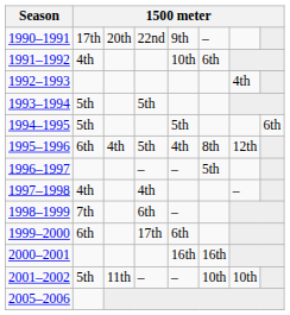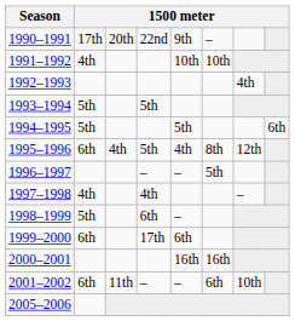 <table class="wikitable" style="display: inline-table">
 <tr>
 <th>Season</th>
 <th colspan="7">1500 meter</th>
 </tr>
 <tr>
 <td><a href='#'>1990–1991</a></td>
 <td>17th</td>
 <td>20th</td>
 <td>22nd</td>
 <td>9th</td>
 <td>–</td>
 <td></td>
 <td colspan="1" bgcolor=#EEEEEE></td>
 </tr>
 <tr>
 <td><a href='#'>1991–1992</a></td>
 <td>4th</td>
 <td></td>
 <td></td>
 <td>10th</td>
-<td>6th</td>
+<td>10th</td>
 <td colspan="2" bgcolor=#EEEEEE></td>
 </tr>
 <tr>
 <td><a href='#'>1992–1993</a></td>
 <td></td>
 <td></td>
 <td></td>
 <td></td>
 <td></td>
 <td>4th</td>
 <td colspan="1" bgcolor=#EEEEEE></td>
 </tr>
 <tr>
 <td><a href='#'>1993–1994</a></td>
 <td>5th</td>
 <td></td>
 <td>5th</td>
 <td></td>
 <td></td>
 <td colspan="2" bgcolor=#EEEEEE></td>
 </tr>
 <tr>
 <td><a href='#'>1994–1995</a></td>
 <td>5th</td>
 <td></td>
 <td></td>
 <td>5th</td>
 <td></td>
 <td></td>
 <td>6th</td>
 </tr>
 <tr>
 <td><a href='#'>1995–1996</a></td>
 <td>6th</td>
 <td>4th</td>
 <td>5th</td>
 <td>4th</td>
 <td>8th</td>
 <td>12th</td>
 <td colspan="1" bgcolor=#EEEEEE></td>
 </tr>
 <tr>
 <td><a href='#'>1996–1997</a></td>
 <td></td>
 <td></td>
 <td>–</td>
 <td>–</td>
 <td>5th</td>
 <td></td>
 <td colspan="1" bgcolor=#EEEEEE></td>
 </tr>
 <tr>
 <td><a href='#'>1997–1998</a></td>
 <td>4th</td>
 <td></td>
 <td>4th</td>
 <td></td>
 <td></td>
 <td>–</td>
 <td colspan="1" bgcolor=#EEEEEE></td>
 </tr>
 <tr>
 <td><a href='#'>1998–1999</a></td>
-<td>7th</td>
+<td>5th</td>
 <td></td>
 <td>6th</td>
 <td>–</td>
 <td></td>
 <td colspan="2" bgcolor=#EEEEEE></td>
 </tr>
 <tr>
 <td><a href='#'>1999–2000</a></td>
 <td>6th</td>
 <td></td>
 <td>17th</td>
 <td>6th</td>
 <td></td>
 <td colspan="2" bgcolor=#EEEEEE></td>
 </tr>
 <tr>
 <td><a href='#'>2000–2001</a></td>
 <td></td>
 <td></td>
 <td></td>
 <td>16th</td>
 <td>16th</td>
 <td colspan="2" bgcolor=#EEEEEE></td>
 </tr>
 <tr>
 <td><a href='#'>2001–2002</a></td>
-<td>5th</td>
+<td>6th</td>
 <td>11th</td>
 <td>–</td>
 <td>–</td>
-<td>10th</td>
+<td>6th</td>
 <td>10th</td>
 <td colspan="1" bgcolor=#EEEEEE></td>
 </tr>
 <tr>
 <td><a href='#'>2005–2006</a></td>
 <td></td>
 <td colspan="7" bgcolor=#EEEEEE></td>
 </tr>
 </table>
